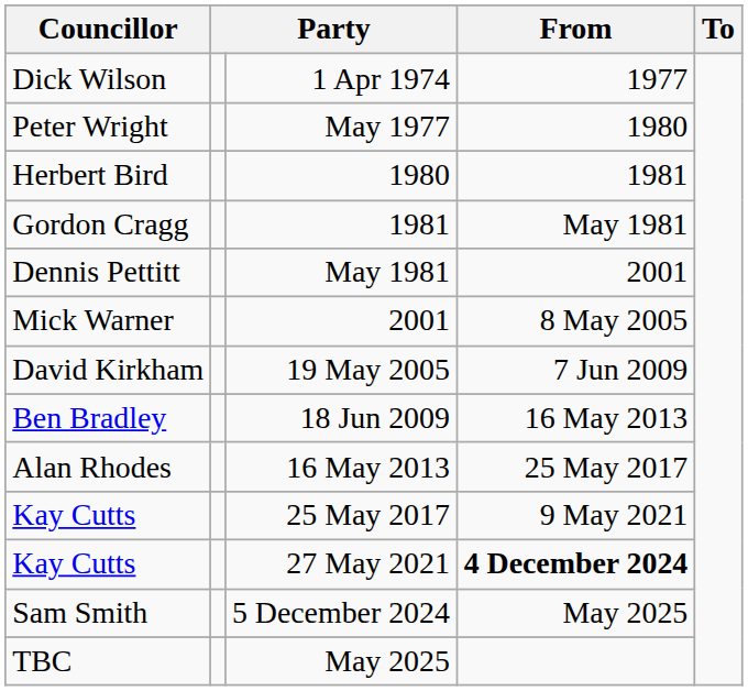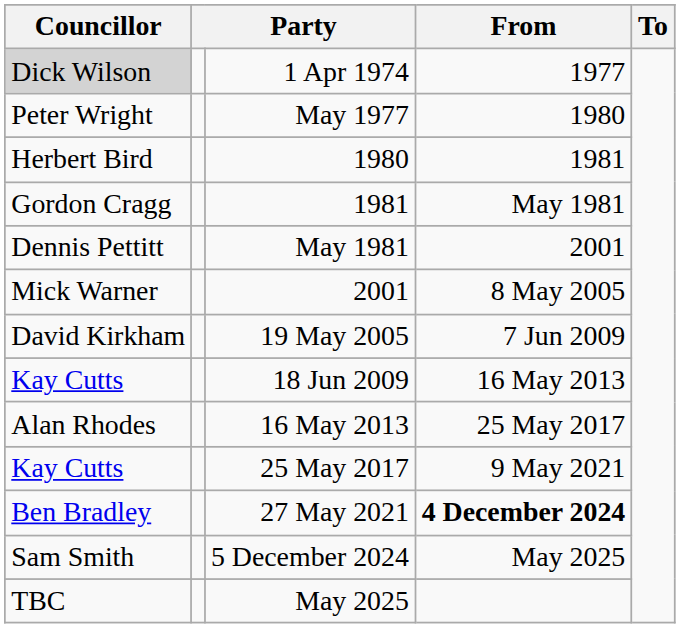 <table class=wikitable>
 <tr>
 <th>Councillor</th>
 <th colspan=2>Party</th>
 <th>From</th>
 <th>To</th>
 </tr>
 <tr>
-<td>Dick Wilson</td>
+<td style="background: lightgrey;">Dick Wilson</td>
 <td></td>
 <td align=right>1 Apr 1974</td>
 <td align=right>1977</td>
 </tr>
 <tr>
 <td>Peter Wright</td>
 <td></td>
 <td align=right>May 1977</td>
 <td align=right>1980</td>
 </tr>
 <tr>
 <td>Herbert Bird</td>
 <td></td>
 <td align=right>1980</td>
 <td align=right>1981</td>
 </tr>
 <tr>
 <td>Gordon Cragg</td>
 <td></td>
 <td align=right>1981</td>
 <td align=right>May 1981</td>
 </tr>
 <tr>
 <td>Dennis Pettitt</td>
 <td></td>
 <td align=right>May 1981</td>
 <td align=right>2001</td>
 </tr>
 <tr>
 <td>Mick Warner</td>
 <td></td>
 <td align=right>2001</td>
 <td align=right>8 May 2005</td>
 </tr>
 <tr>
 <td>David Kirkham</td>
 <td></td>
 <td align=right>19 May 2005</td>
 <td align=right>7 Jun 2009</td>
 </tr>
 <tr>
-<td><a href='#'>Ben Bradley</a></td>
+<td><a href='#'>Kay Cutts</a></td>
 <td></td>
 <td align=right>18 Jun 2009</td>
 <td align=right>16 May 2013</td>
 </tr>
 <tr>
 <td>Alan Rhodes</td>
 <td></td>
 <td align=right>16 May 2013</td>
 <td align=right>25 May 2017</td>
 </tr>
 <tr>
 <td><a href='#'>Kay Cutts</a></td>
 <td></td>
 <td align=right>25 May 2017</td>
 <td align=right>9 May 2021</td>
 </tr>
 <tr>
-<td><a href='#'>Kay Cutts</a></td>
+<td><a href='#'>Ben Bradley</a></td>
 <td></td>
 <td align=right>27 May 2021</td>
 <td align=right><strong>4 December 2024</strong></td>
 </tr>
 <tr>
 <td>Sam Smith</td>
 <td></td>
 <td align=right>5 December 2024</td>
 <td align=right>May 2025</td>
 </tr>
 <tr>
 <td>TBC</td>
 <td></td>
 <td align=right>May 2025</td>
 <td></td>
 </tr>
 </table>
